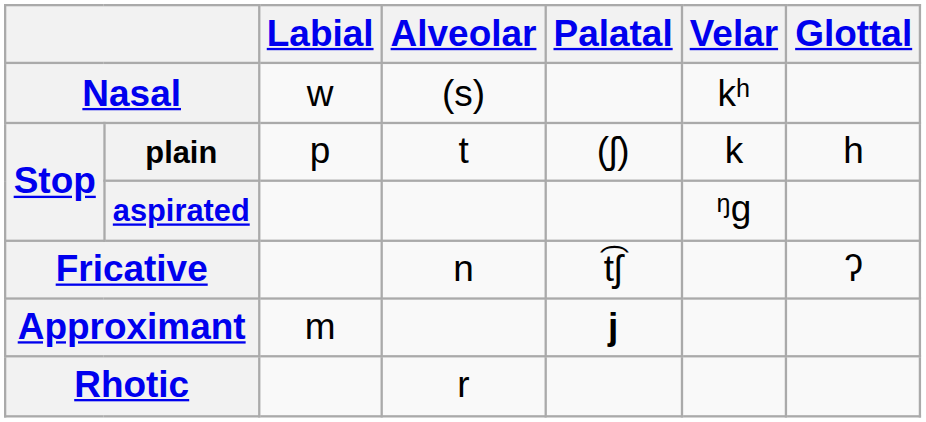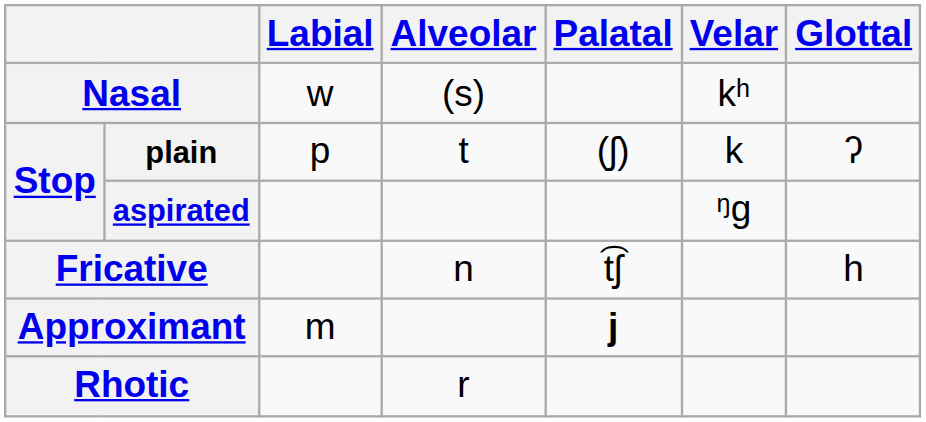 <table class="wikitable" style="text-align:center">
 <tr>
 <th colspan="2"></th>
 <th><a href='#'>Labial</a></th>
 <th><a href='#'>Alveolar</a></th>
 <th><a href='#'>Palatal</a></th>
 <th><a href='#'>Velar</a></th>
 <th><a href='#'>Glottal</a></th>
 </tr>
 <tr>
 <th colspan="2"><a href='#'>Nasal</a></th>
 <td>w</td>
 <td>(s)</td>
 <td></td>
 <td>kʰ</td>
 <td></td>
 </tr>
 <tr>
 <th rowspan="2"><a href='#'>Stop</a></th>
 <th><small>plain</small></th>
 <td>p</td>
 <td>t</td>
 <td>(ʃ)</td>
 <td>k</td>
-<td>h</td>
+<td>ʔ</td>
 </tr>
 <tr>
 <th><small><a href='#'>aspirated</a></small></th>
 <td></td>
 <td></td>
 <td></td>
 <td>ᵑɡ</td>
 <td></td>
 </tr>
 <tr>
 <th colspan="2"><a href='#'>Fricative</a></th>
 <td></td>
 <td>n</td>
 <td>t͡ʃ</td>
 <td></td>
-<td>ʔ</td>
+<td>h</td>
 </tr>
 <tr>
 <th colspan="2"><a href='#'>Approximant</a></th>
 <td>m</td>
 <td></td>
 <td><strong>j</strong></td>
 <td></td>
 <td></td>
 </tr>
 <tr>
 <th colspan="2"><a href='#'>Rhotic</a></th>
 <td></td>
 <td>r</td>
 <td></td>
 <td></td>
 <td></td>
 </tr>
 </table>
